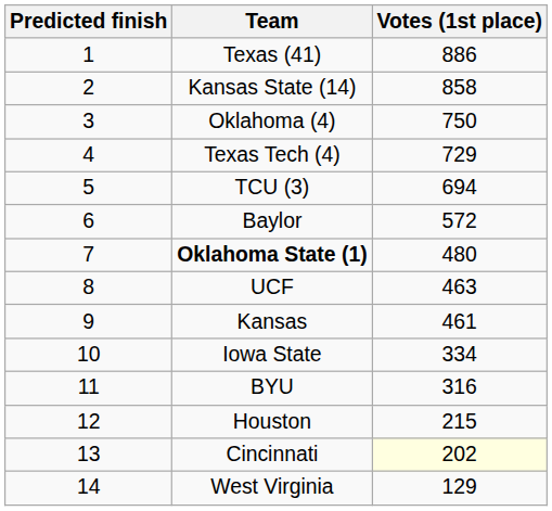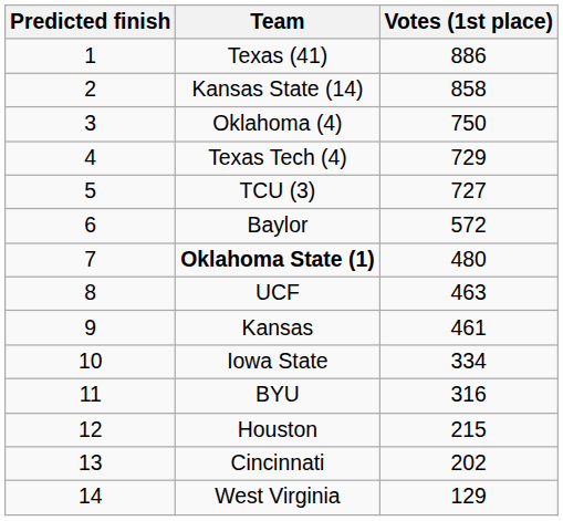 <table class="wikitable sortable">
 <tr>
 <th style="text-align:center; ">Predicted finish</th>
 <th style="text-align:center; ">Team</th>
 <th style="text-align:center; ">Votes (1st place)</th>
 </tr>
 <tr align="center">
 <td>1</td>
 <td>Texas (41)</td>
 <td>886</td>
 </tr>
 <tr align="center">
 <td>2</td>
 <td>Kansas State (14)</td>
 <td>858</td>
 </tr>
 <tr align="center">
 <td>3</td>
 <td>Oklahoma (4)</td>
 <td>750</td>
 </tr>
 <tr align="center">
 <td>4</td>
 <td>Texas Tech (4)</td>
 <td>729</td>
 </tr>
 <tr align="center">
 <td>5</td>
 <td>TCU (3)</td>
-<td>694</td>
+<td>727</td>
 </tr>
 <tr align="center">
 <td>6</td>
 <td>Baylor</td>
 <td>572</td>
 </tr>
 <tr align="center">
 <td>7</td>
 <td><strong>Oklahoma State (1)</strong></td>
 <td>480</td>
 </tr>
 <tr align="center">
 <td>8</td>
 <td>UCF</td>
 <td>463</td>
 </tr>
 <tr align="center">
 <td>9</td>
 <td>Kansas</td>
 <td>461</td>
 </tr>
 <tr align="center">
 <td>10</td>
 <td>Iowa State</td>
 <td>334</td>
 </tr>
 <tr align="center">
 <td>11</td>
 <td>BYU</td>
 <td>316</td>
 </tr>
 <tr align="center">
 <td>12</td>
 <td>Houston</td>
 <td>215</td>
 </tr>
 <tr align="center">
 <td>13</td>
 <td>Cincinnati</td>
-<td style="background: lightyellow;">202</td>
+<td>202</td>
 </tr>
 <tr align="center">
 <td>14</td>
 <td>West Virginia</td>
 <td>129</td>
 </tr>
 </table>
